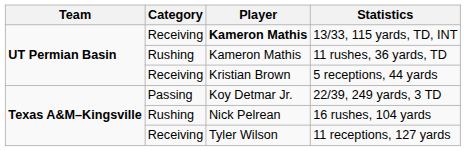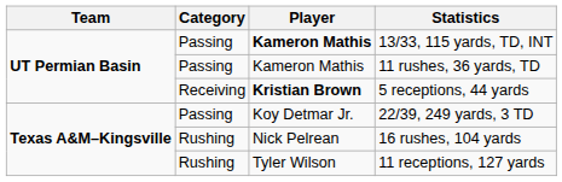 <table class="wikitable" style="float: right;">
 <tr>
 <th>Team</th>
 <th>Category</th>
 <th>Player</th>
 <th>Statistics</th>
 </tr>
 <tr>
 <td rowspan=3><strong>UT Permian Basin</strong></td>
-<td>Receiving</td>
+<td>Passing</td>
 <td><strong>Kameron Mathis</strong></td>
 <td>13/33, 115 yards, TD, INT</td>
 </tr>
 <tr>
-<td>Rushing</td>
+<td>Passing</td>
 <td>Kameron Mathis</td>
 <td>11 rushes, 36 yards, TD</td>
 </tr>
 <tr>
 <td>Receiving</td>
-<td>Kristian Brown</td>
+<td><strong>Kristian Brown</strong></td>
 <td>5 receptions, 44 yards</td>
 </tr>
 <tr>
 <td rowspan=3><strong>Texas A&M–Kingsville</strong></td>
 <td>Passing</td>
 <td>Koy Detmar Jr.</td>
 <td>22/39, 249 yards, 3 TD</td>
 </tr>
 <tr>
 <td>Rushing</td>
 <td>Nick Pelrean</td>
 <td>16 rushes, 104 yards</td>
 </tr>
 <tr>
-<td>Receiving</td>
+<td>Rushing</td>
 <td>Tyler Wilson</td>
 <td>11 receptions, 127 yards</td>
 </tr>
 </table>
